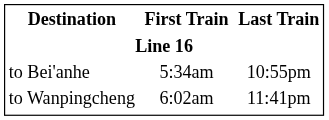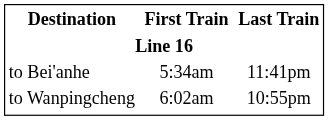 <table style="text-align:centre; font-size:95%; border:1px solid black">
 <tr>
 <th>Destination</th>
 <th></th>
 <th>First Train</th>
 <th></th>
 <th>Last Train</th>
 </tr>
 <tr>
 <th colspan="7" style="background-color:#">Line 16</th>
 </tr>
 <tr>
 <td>to Bei'anhe</td>
 <td></td>
 <td style="text-align:center">5:34am</td>
 <td></td>
-<td style="text-align:center">10:55pm</td>
+<td style="text-align:center">11:41pm</td>
 </tr>
 <tr>
 <td>to Wanpingcheng</td>
 <td></td>
 <td style="text-align:center">6:02am</td>
 <td></td>
-<td style="text-align:center">11:41pm</td>
+<td style="text-align:center">10:55pm</td>
 </tr>
 <tr>
 </tr>
 </table>
